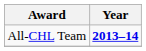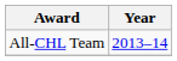 <table class="wikitable">
 <tr>
 <th>Award</th>
 <th>Year</th>
 </tr>
 <tr>
 <td>All-<a href='#'>CHL</a> Team</td>
-<td><strong><a href='#'>2013–14</a></strong></td>
+<td><a href='#'>2013–14</a></td>
 </tr>
 <tr>
 </tr>
 </table>
